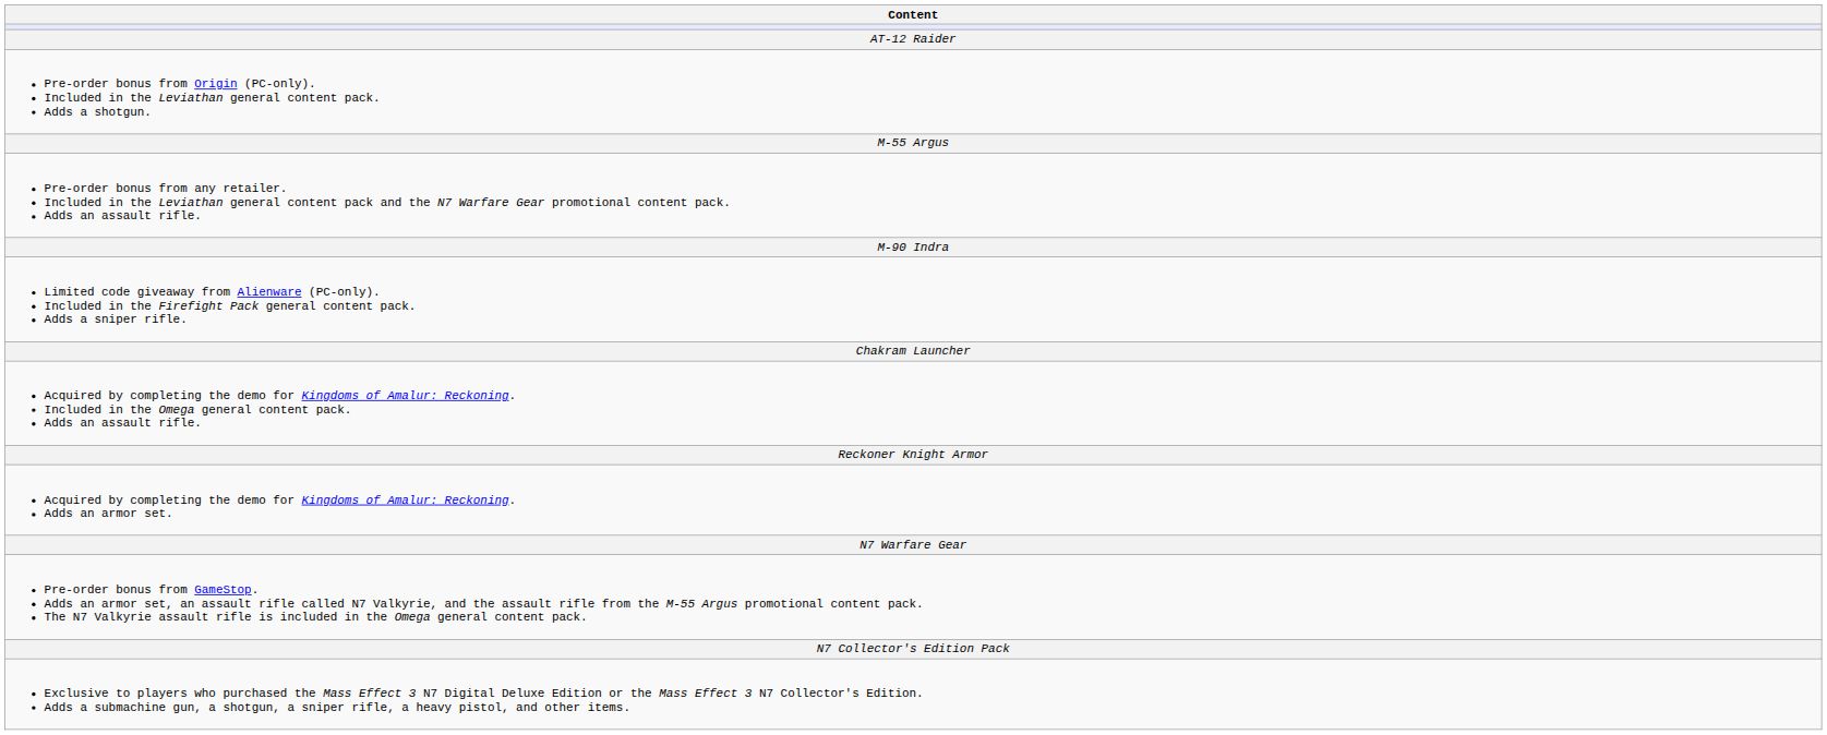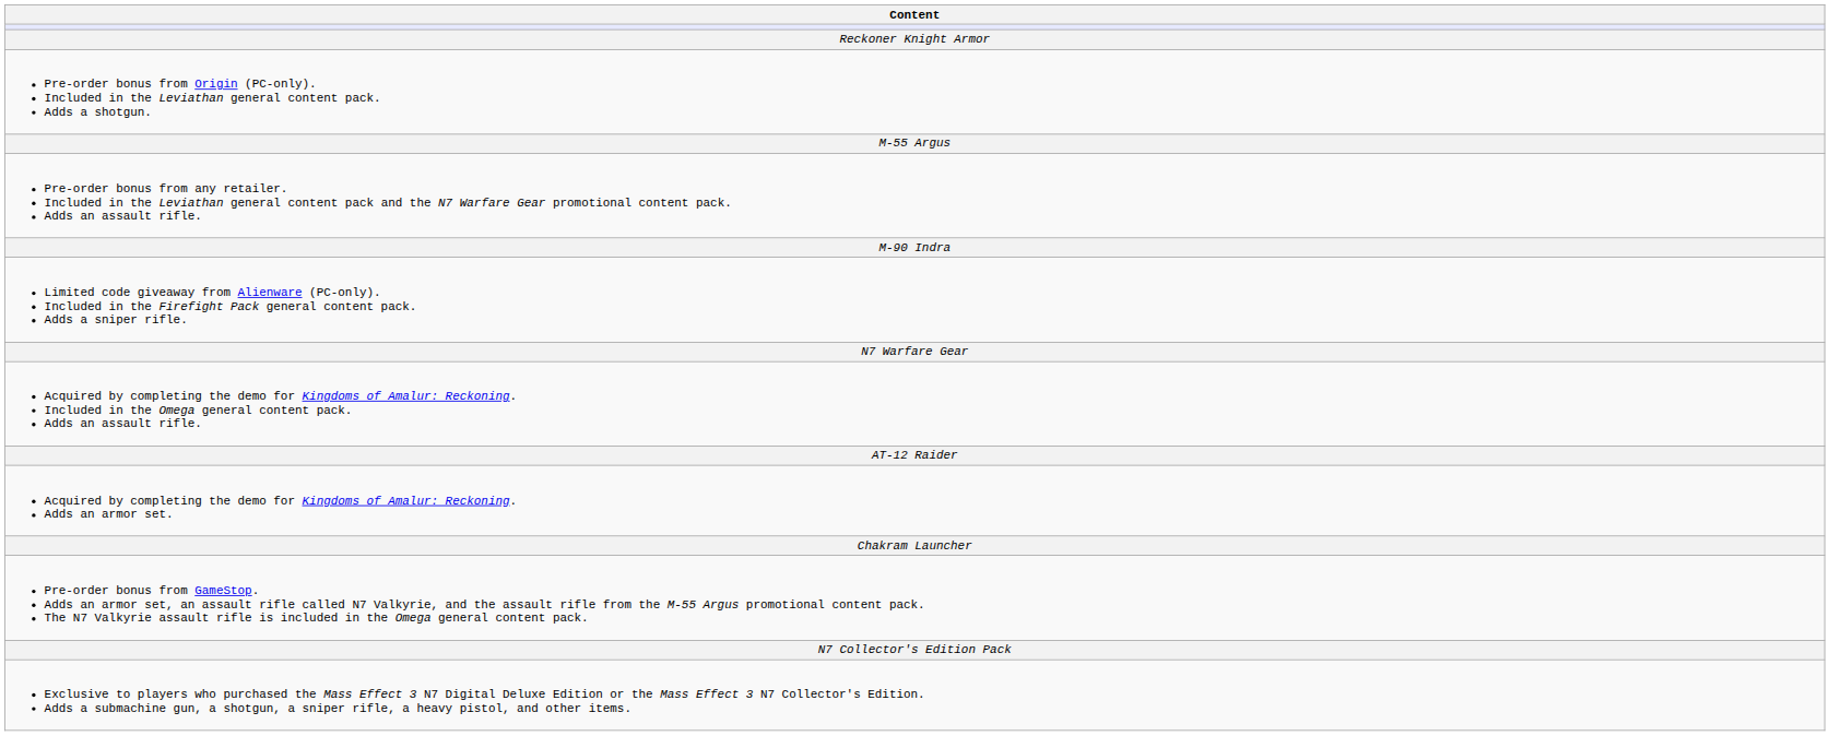 <table class="wikitable" width="100%">
 <tr style="text-align: center;">
 <th rowspan="1">Content</th>
 </tr>
 <tr>
 <td colspan="1" bgcolor="#e6e9ff"></td>
 </tr>
 <tr bgcolor="#F2F2F2" align="center">
-<td><em>AT-12 Raider</em></td>
+<td><em>Reckoner Knight Armor</em></td>
 </tr>
 <tr>
 <td colspan="1" style="border: none; vertical-align: top;"><br><ul><li>Pre-order bonus from <a href='#'>Origin</a> (PC-only).</li><li>Included in the <em>Leviathan</em> general content pack.</li><li>Adds a shotgun.</li></ul></td>
 </tr>
 <tr bgcolor="#F2F2F2" align="center">
 <td><em>M-55 Argus</em></td>
 </tr>
 <tr>
 <td colspan="1" style="border: none; vertical-align: top;"><br><ul><li>Pre-order bonus from any retailer.</li><li>Included in the <em>Leviathan</em> general content pack and the <em>N7 Warfare Gear</em> promotional content pack.</li><li>Adds an assault rifle.</li></ul></td>
 </tr>
 <tr bgcolor="#F2F2F2" align="center">
 <td><em>M-90 Indra</em></td>
 </tr>
 <tr>
 <td colspan="1" style="border: none; vertical-align: top;"><br><ul><li>Limited code giveaway from <a href='#'>Alienware</a> (PC-only).</li><li>Included in the <em>Firefight Pack</em> general content pack.</li><li>Adds a sniper rifle.</li></ul></td>
 </tr>
 <tr bgcolor="#F2F2F2" align="center">
-<td><em>Chakram Launcher</em></td>
+<td><em>N7 Warfare Gear</em></td>
 </tr>
 <tr>
 <td colspan="1" style="border: none; vertical-align: top;"><br><ul><li>Acquired by completing the demo for <em><a href='#'>Kingdoms of Amalur: Reckoning</a></em>.</li><li>Included in the <em>Omega</em> general content pack.</li><li>Adds an assault rifle.</li></ul></td>
 </tr>
 <tr bgcolor="#F2F2F2" align="center">
-<td><em>Reckoner Knight Armor</em></td>
+<td><em>AT-12 Raider</em></td>
 </tr>
 <tr>
 <td colspan="1" style="border: none; vertical-align: top;"><br><ul><li>Acquired by completing the demo for <em><a href='#'>Kingdoms of Amalur: Reckoning</a></em>.</li><li>Adds an armor set.</li></ul></td>
 </tr>
 <tr bgcolor="#F2F2F2" align="center">
-<td><em>N7 Warfare Gear</em></td>
+<td><em>Chakram Launcher</em></td>
 </tr>
 <tr>
 <td colspan="1" style="border: none; vertical-align: top;"><br><ul><li>Pre-order bonus from <a href='#'>GameStop</a>.</li><li>Adds an armor set, an assault rifle called N7 Valkyrie, and the assault rifle from the <em>M-55 Argus</em> promotional content pack.</li><li>The N7 Valkyrie assault rifle is included in the <em>Omega</em> general content pack.</li></ul></td>
 </tr>
 <tr bgcolor="#F2F2F2" align="center">
 <td><em>N7 Collector's Edition Pack</em></td>
 </tr>
 <tr>
 <td colspan="1" style="border: none; vertical-align: top;"><br><ul><li>Exclusive to players who purchased the <em>Mass Effect 3</em> N7 Digital Deluxe Edition or the <em>Mass Effect 3</em> N7 Collector's Edition.</li><li>Adds a submachine gun, a shotgun, a sniper rifle, a heavy pistol, and other items.</li></ul></td>
 </tr>
 </table>
